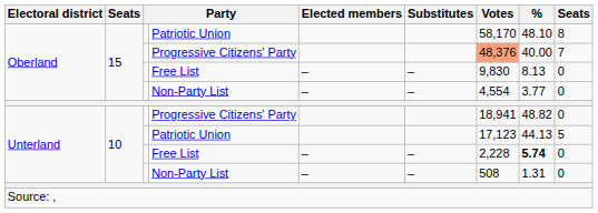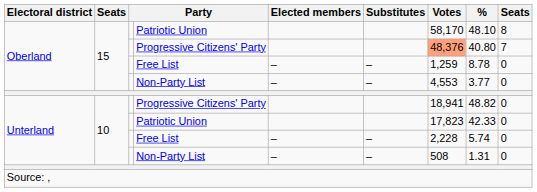 <table class="wikitable">
 <tr>
 <th>Electoral district</th>
 <th>Seats</th>
 <th colspan="2">Party</th>
 <th>Elected members</th>
 <th>Substitutes</th>
 <th>Votes</th>
 <th>%</th>
 <th>Seats</th>
 </tr>
 <tr>
 <td rowspan="4"><a href='#'>Oberland</a></td>
 <td rowspan="4">15</td>
 <td></td>
 <td><a href='#'>Patriotic Union</a></td>
 <td></td>
 <td></td>
 <td>58,170</td>
 <td>48.10</td>
 <td>8</td>
 </tr>
 <tr>
 <td></td>
 <td><a href='#'>Progressive Citizens' Party</a></td>
 <td></td>
 <td></td>
 <td style="background: lightsalmon;">48,376</td>
-<td>40.00</td>
+<td>40.80</td>
 <td>7</td>
 </tr>
 <tr>
 <td></td>
 <td><a href='#'>Free List</a></td>
 <td>–</td>
 <td>–</td>
-<td>9,830</td>
-<td>8.13</td>
+<td>1,259</td>
+<td>8.78</td>
 <td>0</td>
 </tr>
 <tr>
 <td></td>
 <td><a href='#'>Non-Party List</a></td>
 <td>–</td>
 <td>–</td>
-<td>4,554</td>
+<td>4,553</td>
 <td>3.77</td>
 <td>0</td>
 </tr>
 <tr>
 <th colspan="9"></th>
 </tr>
 <tr>
 <td rowspan="4"><a href='#'>Unterland</a></td>
 <td rowspan="4">10</td>
 <td></td>
 <td><a href='#'>Progressive Citizens' Party</a></td>
 <td></td>
 <td></td>
 <td>18,941</td>
 <td>48.82</td>
 <td>0</td>
 </tr>
 <tr>
 <td></td>
 <td><a href='#'>Patriotic Union</a></td>
 <td></td>
 <td></td>
-<td>17,123</td>
-<td>44.13</td>
-<td>5</td>
+<td>17,823</td>
+<td>42.33</td>
+<td>0</td>
 </tr>
 <tr>
 <td></td>
 <td><a href='#'>Free List</a></td>
 <td>–</td>
 <td>–</td>
 <td>2,228</td>
-<td><strong>5.74</strong></td>
+<td>5.74</td>
 <td>0</td>
 </tr>
 <tr>
 <td></td>
 <td><a href='#'>Non-Party List</a></td>
 <td>–</td>
 <td>–</td>
 <td>508</td>
 <td>1.31</td>
 <td>0</td>
 </tr>
 <tr>
 <th colspan="9"></th>
 </tr>
 <tr>
 <td colspan="9">Source: , </td>
 </tr>
 </table>
